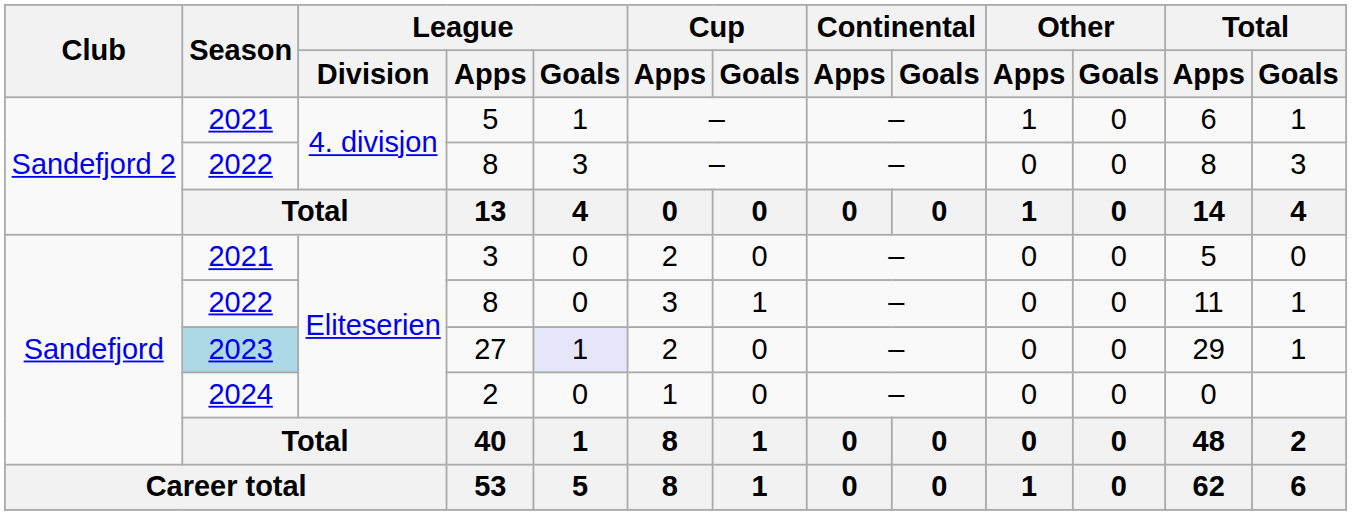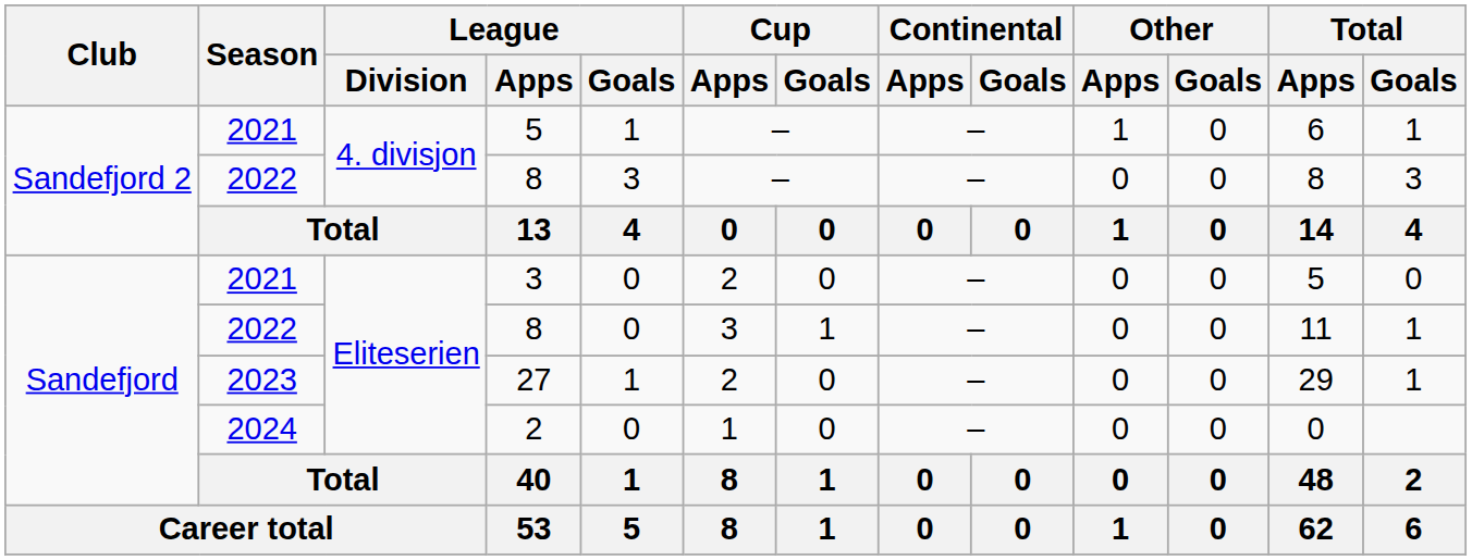 <table class="wikitable" style="text-align: center">
 <tr>
 <th rowspan=2>Club</th>
 <th rowspan=2>Season</th>
 <th colspan=3>League</th>
 <th colspan=2>Cup</th>
 <th colspan=2>Continental</th>
 <th colspan=2>Other</th>
 <th colspan=2>Total</th>
 </tr>
 <tr>
 <th>Division</th>
 <th>Apps</th>
 <th>Goals</th>
 <th>Apps</th>
 <th>Goals</th>
 <th>Apps</th>
 <th>Goals</th>
 <th>Apps</th>
 <th>Goals</th>
 <th>Apps</th>
 <th>Goals</th>
 </tr>
 <tr>
 <td rowspan=3><a href='#'>Sandefjord 2</a></td>
 <td><a href='#'>2021</a></td>
 <td rowspan=2><a href='#'>4. divisjon</a></td>
 <td>5</td>
 <td>1</td>
 <td colspan="2">–</td>
 <td colspan="2">–</td>
 <td>1</td>
 <td>0</td>
 <td>6</td>
 <td>1</td>
 </tr>
 <tr>
 <td><a href='#'>2022</a></td>
 <td>8</td>
 <td>3</td>
 <td colspan="2">–</td>
 <td colspan="2">–</td>
 <td>0</td>
 <td>0</td>
 <td>8</td>
 <td>3</td>
 </tr>
 <tr>
 <th colspan=2><strong>Total</strong></th>
 <th>13</th>
 <th>4</th>
 <th>0</th>
 <th>0</th>
 <th>0</th>
 <th>0</th>
 <th>1</th>
 <th>0</th>
 <th>14</th>
 <th>4</th>
 </tr>
 <tr>
 <td rowspan=5><a href='#'>Sandefjord</a></td>
 <td><a href='#'>2021</a></td>
 <td rowspan=4><a href='#'>Eliteserien</a></td>
 <td>3</td>
 <td>0</td>
 <td>2</td>
 <td>0</td>
 <td colspan="2">–</td>
 <td>0</td>
 <td>0</td>
 <td>5</td>
 <td>0</td>
 </tr>
 <tr>
 <td><a href='#'>2022</a></td>
 <td>8</td>
 <td>0</td>
 <td>3</td>
 <td>1</td>
 <td colspan="2">–</td>
 <td>0</td>
 <td>0</td>
 <td>11</td>
 <td>1</td>
 </tr>
 <tr>
-<td style="background: lightblue;"><a href='#'>2023</a></td>
+<td><a href='#'>2023</a></td>
 <td>27</td>
-<td style="background: lavender;">1</td>
+<td>1</td>
 <td>2</td>
 <td>0</td>
 <td colspan="2">–</td>
 <td>0</td>
 <td>0</td>
 <td>29</td>
 <td>1</td>
 </tr>
 <tr>
 <td><a href='#'>2024</a></td>
 <td>2</td>
 <td>0</td>
 <td>1</td>
 <td>0</td>
 <td colspan="2">–</td>
 <td>0</td>
 <td>0</td>
 <td 3>0</td>
 </tr>
 <tr>
 <th colspan=2><strong>Total</strong></th>
 <th>40</th>
 <th>1</th>
 <th>8</th>
 <th>1</th>
 <th>0</th>
 <th>0</th>
 <th>0</th>
 <th>0</th>
 <th>48</th>
 <th>2</th>
 </tr>
 <tr>
 <th colspan=3><strong>Career total</strong></th>
 <th>53</th>
 <th>5</th>
 <th>8</th>
 <th>1</th>
 <th>0</th>
 <th>0</th>
 <th>1</th>
 <th>0</th>
 <th>62</th>
 <th>6</th>
 </tr>
 </table>
